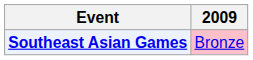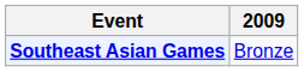 <table class="wikitable" style="font-size: 90%; text-align:center">
 <tr>
 <th>Event</th>
 <th>2009</th>
 </tr>
 <tr>
 <td bgcolor="#ECF2FF"; align="left"><strong><a href='#'>Southeast Asian Games</a></strong></td>
-<td style="background: pink;"> <a href='#'>Bronze</a></td>
+<td> <a href='#'>Bronze</a></td>
 </tr>
 </table>
